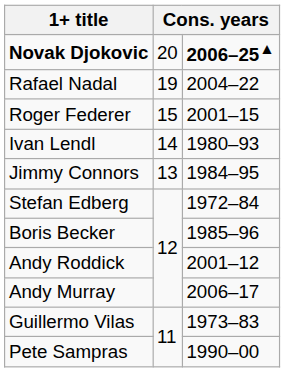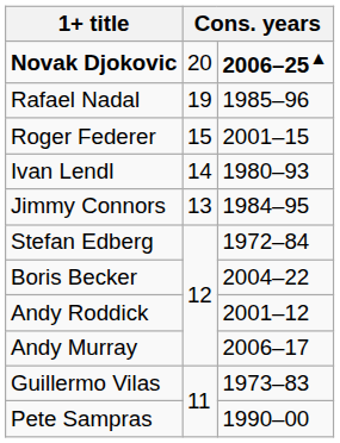 <table class="wikitable" style="display:inline-table;">
 <tr>
 <th>1+ title</th>
 <th colspan="2">Cons. years</th>
 </tr>
 <tr>
 <td> <strong>Novak Djokovic</strong></td>
 <td>20</td>
 <td><strong>2006–25</strong><sup>▲</sup></td>
 </tr>
 <tr>
 <td> Rafael Nadal</td>
 <td>19</td>
-<td>2004–22</td>
+<td>1985–96</td>
 </tr>
 <tr>
 <td> Roger Federer</td>
 <td>15</td>
 <td>2001–15</td>
 </tr>
 <tr>
 <td> Ivan Lendl</td>
 <td>14</td>
 <td>1980–93</td>
 </tr>
 <tr>
 <td> Jimmy Connors</td>
 <td>13</td>
 <td>1984–95</td>
 </tr>
 <tr>
 <td> Stefan Edberg</td>
 <td rowspan="4">12</td>
 <td>1972–84</td>
 </tr>
 <tr>
 <td> Boris Becker</td>
-<td>1985–96</td>
+<td>2004–22</td>
 </tr>
 <tr>
 <td> Andy Roddick</td>
 <td>2001–12</td>
 </tr>
 <tr>
 <td> Andy Murray</td>
 <td>2006–17</td>
 </tr>
 <tr>
 <td> Guillermo Vilas</td>
 <td rowspan="2">11</td>
 <td>1973–83</td>
 </tr>
 <tr>
 <td> Pete Sampras</td>
 <td>1990–00</td>
 </tr>
 </table>
